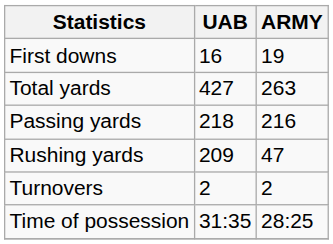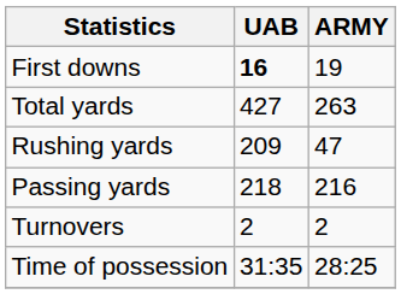 <table class="wikitable" style="float: left;">
 <tr>
 <th>Statistics</th>
 <th>UAB</th>
 <th>ARMY</th>
 </tr>
 <tr>
 <td>First downs</td>
-<td>16</td>
+<td><strong>16</strong></td>
 <td>19</td>
 </tr>
 <tr>
 <td>Total yards</td>
 <td>427</td>
 <td>263</td>
 </tr>
 <tr>
+<td>Rushing yards</td>
+<td>209</td>
+<td>47</td>
+</tr>
+<tr>
 <td>Passing yards</td>
 <td>218</td>
 <td>216</td>
-</tr>
-<tr>
-<td>Rushing yards</td>
-<td>209</td>
-<td>47</td>
 </tr>
 <tr>
 <td>Turnovers</td>
 <td>2</td>
 <td>2</td>
 </tr>
 <tr>
 <td>Time of possession</td>
 <td>31:35</td>
 <td>28:25</td>
 </tr>
 <tr>
 </tr>
 </table>
